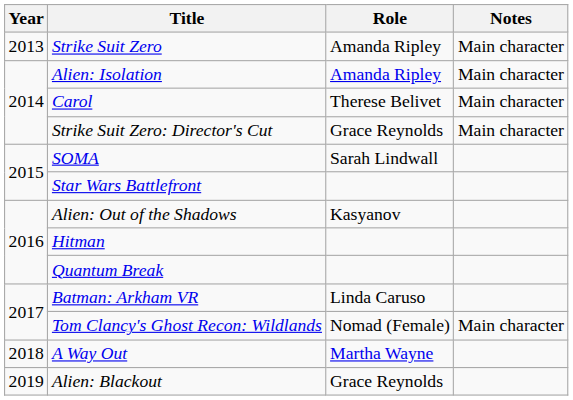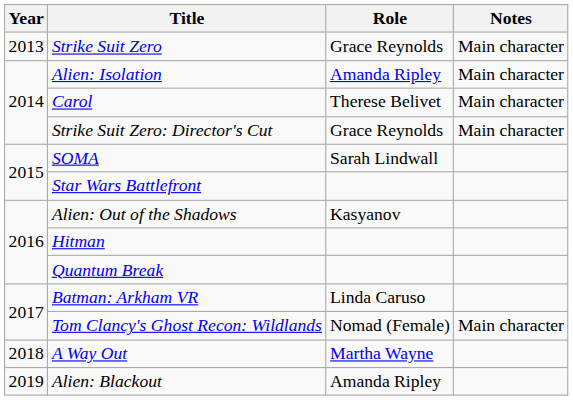 <table class="wikitable">
 <tr>
 <th>Year</th>
 <th>Title</th>
 <th>Role</th>
 <th>Notes</th>
 </tr>
 <tr>
 <td rowspan="1">2013</td>
 <td><em><a href='#'>Strike Suit Zero</a></em></td>
-<td>Amanda Ripley</td>
+<td>Grace Reynolds</td>
 <td>Main character</td>
 </tr>
 <tr>
 <td rowspan="3">2014</td>
 <td><em><a href='#'>Alien: Isolation</a></em></td>
 <td><a href='#'>Amanda Ripley</a></td>
 <td>Main character</td>
 </tr>
 <tr>
 <td><em><a href='#'>Carol</a></em></td>
 <td>Therese Belivet</td>
 <td>Main character</td>
 </tr>
 <tr>
 <td><em>Strike Suit Zero: Director's Cut</em></td>
 <td>Grace Reynolds</td>
 <td>Main character</td>
 </tr>
 <tr>
 <td rowspan="2">2015</td>
 <td><em><a href='#'>SOMA</a></em></td>
 <td>Sarah Lindwall</td>
 <td></td>
 </tr>
 <tr>
 <td><em><a href='#'>Star Wars Battlefront</a></em></td>
 <td></td>
 <td></td>
 </tr>
 <tr>
 <td rowspan="3">2016</td>
 <td><em>Alien: Out of the Shadows</em></td>
 <td>Kasyanov</td>
 <td></td>
 </tr>
 <tr>
 <td><em><a href='#'>Hitman</a></em></td>
 <td></td>
 <td></td>
 </tr>
 <tr>
 <td><em><a href='#'>Quantum Break</a></em></td>
 <td></td>
 <td></td>
 </tr>
 <tr>
 <td rowspan="2">2017</td>
 <td><em><a href='#'>Batman: Arkham VR</a></em></td>
 <td>Linda Caruso</td>
 <td></td>
 </tr>
 <tr>
 <td><em><a href='#'>Tom Clancy's Ghost Recon: Wildlands</a></em></td>
 <td>Nomad (Female)</td>
 <td>Main character</td>
 </tr>
 <tr>
 <td>2018</td>
 <td><em><a href='#'>A Way Out</a></em></td>
 <td><a href='#'>Martha Wayne</a></td>
 <td></td>
 </tr>
 <tr>
 <td>2019</td>
 <td><em>Alien: Blackout</em></td>
-<td>Grace Reynolds</td>
+<td>Amanda Ripley</td>
 <td></td>
 </tr>
 </table>
